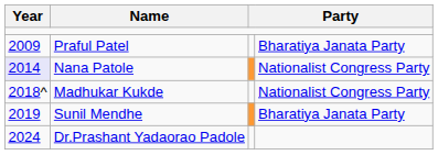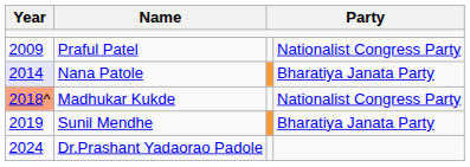 <table class="wikitable">
 <tr>
 <th>Year</th>
 <th>Name</th>
 <th colspan="2">Party</th>
 </tr>
 <tr>
 <td colspan="4"></td>
 </tr>
 <tr>
 <td><a href='#'>2009</a></td>
 <td><a href='#'>Praful Patel</a></td>
 <td></td>
-<td><a href='#'>Bharatiya Janata Party</a></td>
+<td><a href='#'>Nationalist Congress Party</a></td>
 </tr>
 <tr>
 <td style="background: lavender;"><a href='#'>2014</a></td>
 <td><a href='#'>Nana Patole</a></td>
 <td bgcolor=#FF9933></td>
-<td><a href='#'>Nationalist Congress Party</a></td>
+<td><a href='#'>Bharatiya Janata Party</a></td>
 </tr>
 <tr>
-<td><a href='#'>2018</a>^</td>
+<td style="background: lightsalmon;"><a href='#'>2018</a>^</td>
 <td><a href='#'>Madhukar Kukde</a></td>
 <td></td>
 <td><a href='#'>Nationalist Congress Party</a></td>
 </tr>
 <tr>
 <td><a href='#'>2019</a></td>
 <td><a href='#'>Sunil Mendhe</a></td>
 <td bgcolor=#FF9933></td>
 <td><a href='#'>Bharatiya Janata Party</a></td>
 </tr>
 <tr>
 <td><a href='#'>2024</a></td>
 <td><a href='#'>Dr.Prashant Yadaorao Padole</a></td>
 <td></td>
 </tr>
 </table>
